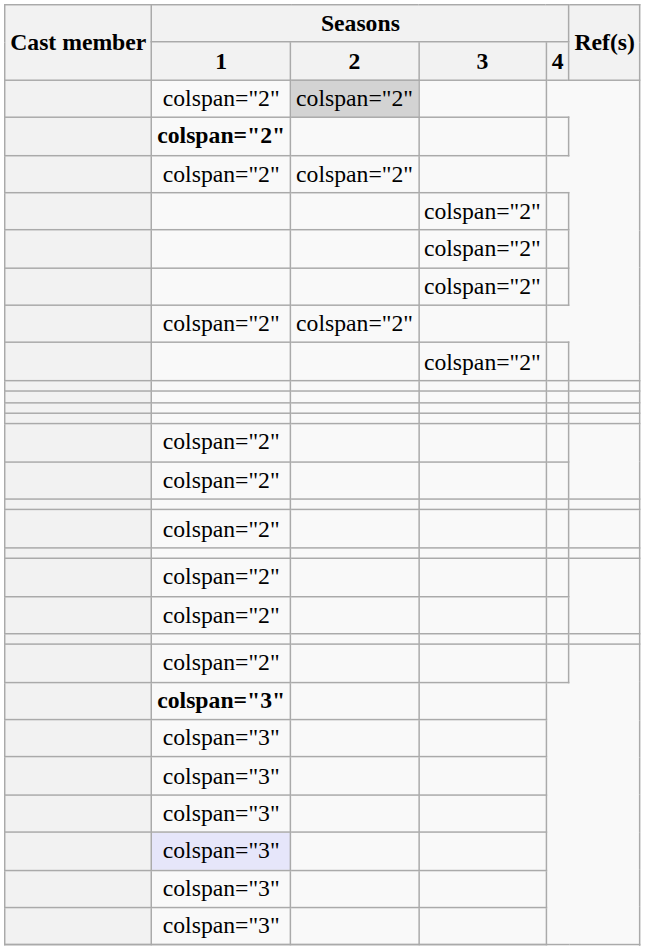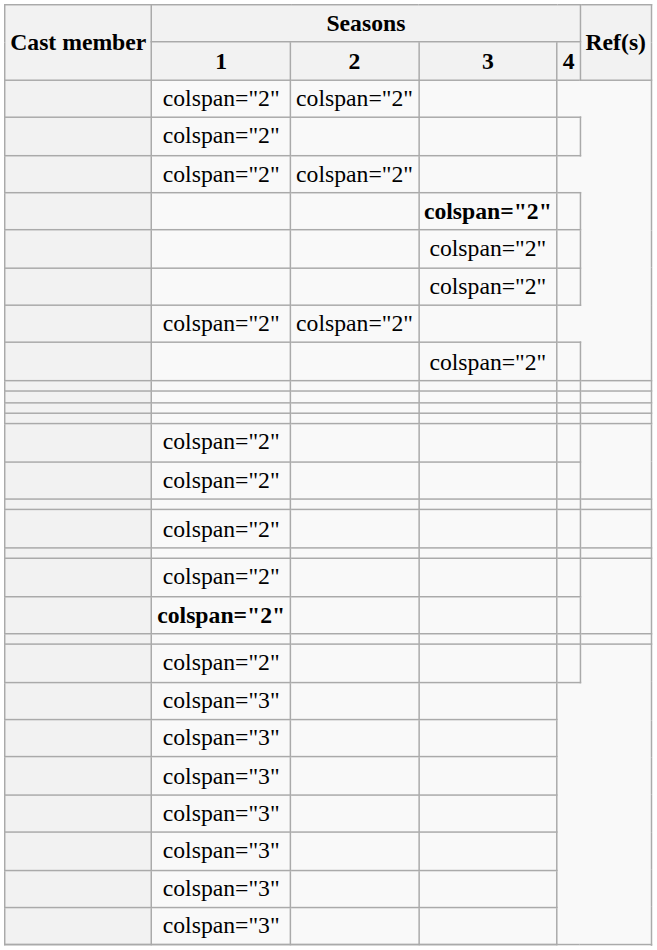 <table class="wikitable sortable" style="text-align:center">
 <tr>
 <th rowspan="2">Cast member</th>
 <th colspan="4">Seasons</th>
 <th rowspan="2" scope="col">Ref(s)</th>
 </tr>
 <tr>
 <th>1</th>
 <th>2</th>
 <th>3</th>
 <th>4</th>
 </tr>
 <tr>
 <th scope="row"></th>
 <td>colspan="2" </td>
-<td style="background: lightgrey;">colspan="2"  </td>
+<td>colspan="2"  </td>
 <td></td>
 </tr>
 <tr>
 <th scope="row"></th>
-<td><strong>colspan="2" </strong></td>
+<td>colspan="2" </td>
 <td></td>
 <td></td>
 <td></td>
 </tr>
 <tr>
 <th scope="row"></th>
 <td>colspan="2" </td>
 <td>colspan="2"  </td>
 <td></td>
 </tr>
 <tr>
 <th scope="row"></th>
 <td></td>
 <td></td>
-<td>colspan="2"  </td>
+<td><strong>colspan="2"  </strong></td>
 <td></td>
 </tr>
 <tr>
 <th scope="row"></th>
 <td></td>
 <td></td>
 <td>colspan="2"  </td>
 <td></td>
 </tr>
 <tr>
 <th scope="row"></th>
 <td></td>
 <td></td>
 <td>colspan="2"  </td>
 <td></td>
 </tr>
 <tr>
 <th scope="row"></th>
 <td>colspan="2" </td>
 <td>colspan="2"  </td>
 <td></td>
 </tr>
 <tr>
 <th scope="row"></th>
 <td></td>
 <td></td>
 <td>colspan="2"  </td>
 <td></td>
 </tr>
 <tr>
 <th scope="row"></th>
 <td></td>
 <td></td>
 <td></td>
 <td></td>
 <td></td>
 </tr>
 <tr>
 <th scope="row"></th>
 <td></td>
 <td></td>
 <td></td>
 <td></td>
 <td></td>
 </tr>
 <tr>
 <th scope="row"></th>
 <td></td>
 <td></td>
 <td></td>
 <td></td>
 <td></td>
 </tr>
 <tr>
 <th scope="row"></th>
 <td></td>
 <td></td>
 <td></td>
 <td></td>
 <td></td>
 </tr>
 <tr>
 <th scope="row"></th>
 <td>colspan="2" </td>
 <td></td>
 <td></td>
 <td></td>
 </tr>
 <tr>
 <th scope="row"></th>
 <td>colspan="2" </td>
 <td></td>
 <td></td>
 <td></td>
 </tr>
 <tr>
 <th scope="row"></th>
 <td></td>
 <td></td>
 <td></td>
 <td></td>
 <td></td>
 </tr>
 <tr>
 <th scope="row"></th>
 <td>colspan="2" </td>
 <td></td>
 <td></td>
 <td></td>
 </tr>
 <tr>
 <th scope="row"></th>
 <td></td>
 <td></td>
 <td></td>
 <td></td>
 <td></td>
 </tr>
 <tr>
 <th scope="row"></th>
 <td>colspan="2" </td>
 <td></td>
 <td></td>
 <td></td>
 </tr>
 <tr>
 <th scope="row"></th>
-<td>colspan="2" </td>
+<td><strong>colspan="2" </strong></td>
 <td></td>
 <td></td>
 <td></td>
 </tr>
 <tr>
 <th scope="row"></th>
 <td></td>
 <td></td>
 <td></td>
 <td></td>
 <td></td>
 </tr>
 <tr>
 <th scope="row"></th>
 <td>colspan="2" </td>
 <td></td>
-<td></td>
-<td></td>
-</tr>
-<tr>
-<th scope="row"></th>
-<td><strong>colspan="3" </strong></td>
 <td></td>
 <td></td>
 </tr>
 <tr>
 <th scope="row"></th>
 <td>colspan="3" </td>
 <td></td>
 <td></td>
 </tr>
 <tr>
 <th scope="row"></th>
 <td>colspan="3" </td>
 <td></td>
 <td></td>
 </tr>
 <tr>
 <th scope="row"></th>
 <td>colspan="3" </td>
 <td></td>
 <td></td>
 </tr>
 <tr>
 <th scope="row"></th>
-<td style="background: lavender;">colspan="3" </td>
+<td>colspan="3" </td>
+<td></td>
+<td></td>
+</tr>
+<tr>
+<th scope="row"></th>
+<td>colspan="3" </td>
 <td></td>
 <td></td>
 </tr>
 <tr>
 <th scope="row"></th>
 <td>colspan="3" </td>
 <td></td>
 <td></td>
 </tr>
 <tr>
 <th scope="row"></th>
 <td>colspan="3" </td>
 <td></td>
 <td></td>
 </tr>
 <tr>
 </tr>
 </table>
